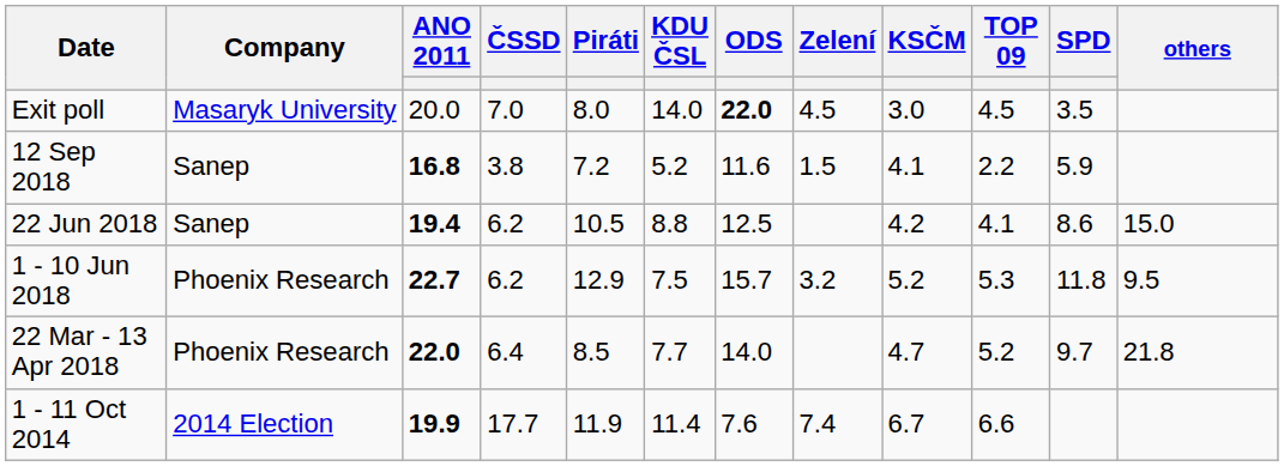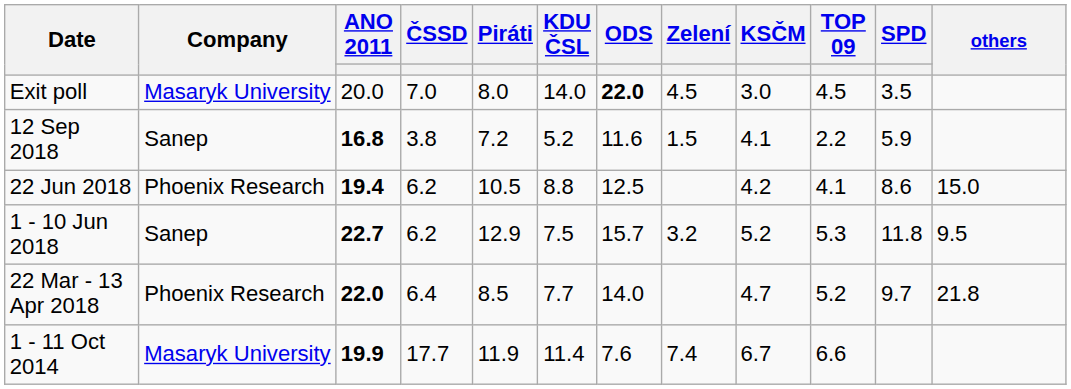 <table class="wikitable" style="text-align:left;">
 <tr>
 <th style="width:90px;" rowspan="2">Date</th>
 <th rowspan="2">Company</th>
 <th style="width:40px"><a href='#'>ANO 2011</a></th>
 <th style="width:40px"><a href='#'>ČSSD</a></th>
 <th style="width:30px"><a href='#'>Piráti</a></th>
 <th style="width:30px"><a href='#'>KDU<br>ČSL</a></th>
 <th style="width:40px"><a href='#'>ODS</a></th>
 <th style="width:40px"><a href='#'>Zelení</a></th>
 <th style="width:40px"><a href='#'>KSČM</a></th>
 <th style="width:40px"><a href='#'>TOP 09</a></th>
 <th style="width:30px"><a href='#'>SPD</a></th>
 <th style="width:90px;" rowspan="2"><a href='#'><small>others</small></a></th>
 </tr>
 <tr>
 <th style="background:"></th>
 <th style="background:"></th>
 <th style="background:"></th>
 <th style="background:"></th>
 <th style="background:"></th>
 <th style="background:"></th>
 <th style="background:"></th>
 <th style="background:"></th>
 <th style="background:"></th>
 </tr>
 <tr>
 <td>Exit poll</td>
 <td><a href='#'>Masaryk University</a></td>
 <td>20.0</td>
 <td>7.0</td>
 <td>8.0</td>
 <td>14.0</td>
 <td><strong>22.0</strong></td>
 <td>4.5</td>
 <td>3.0</td>
 <td>4.5</td>
 <td>3.5</td>
 <td></td>
 </tr>
 <tr>
 <td>12 Sep 2018</td>
 <td>Sanep</td>
 <td><strong>16.8</strong></td>
 <td>3.8</td>
 <td>7.2</td>
 <td>5.2</td>
 <td>11.6</td>
 <td>1.5</td>
 <td>4.1</td>
 <td>2.2</td>
 <td>5.9</td>
 <td></td>
 </tr>
 <tr>
 <td>22 Jun 2018</td>
-<td>Sanep</td>
+<td>Phoenix Research</td>
 <td><strong>19.4</strong></td>
 <td>6.2</td>
 <td>10.5</td>
 <td>8.8</td>
 <td>12.5</td>
 <td></td>
 <td>4.2</td>
 <td>4.1</td>
 <td>8.6</td>
 <td>15.0</td>
 </tr>
 <tr>
 <td>1 - 10 Jun 2018</td>
-<td>Phoenix Research</td>
+<td>Sanep</td>
 <td><strong>22.7</strong></td>
 <td>6.2</td>
 <td>12.9</td>
 <td>7.5</td>
 <td>15.7</td>
 <td>3.2</td>
 <td>5.2</td>
 <td>5.3</td>
 <td>11.8</td>
 <td>9.5</td>
 </tr>
 <tr>
 <td>22 Mar - 13 Apr 2018</td>
 <td>Phoenix Research</td>
 <td><strong>22.0</strong></td>
 <td>6.4</td>
 <td>8.5</td>
 <td>7.7</td>
 <td>14.0</td>
 <td></td>
 <td>4.7</td>
 <td>5.2</td>
 <td>9.7</td>
 <td>21.8</td>
 </tr>
 <tr>
 <td>1 - 11 Oct 2014</td>
-<td><a href='#'>2014 Election</a></td>
+<td><a href='#'>Masaryk University</a></td>
 <td><strong>19.9</strong></td>
 <td>17.7</td>
 <td>11.9</td>
 <td>11.4</td>
 <td>7.6</td>
 <td>7.4</td>
 <td>6.7</td>
 <td>6.6</td>
 <td></td>
 <td></td>
 </tr>
 </table>
